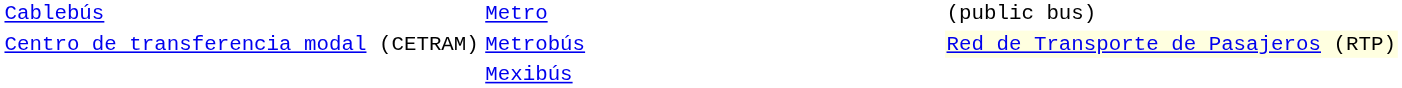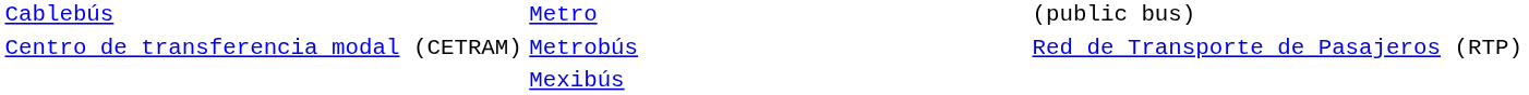 <table style="margin:auto">
 <tr>
 <td> <a href='#'>Cablebús</a></td>
 <td width=33%> <a href='#'>Metro</a></td>
 <td>  (public bus)</td>
 </tr>
 <tr>
 <td> <a href='#'>Centro de transferencia modal</a> (CETRAM)</td>
 <td> <a href='#'>Metrobús</a></td>
-<td style="background: lightyellow;"> <a href='#'>Red de Transporte de Pasajeros</a> (RTP)</td>
+<td> <a href='#'>Red de Transporte de Pasajeros</a> (RTP)</td>
 </tr>
 <tr>
 <td></td>
 <td> <a href='#'>Mexibús</a></td>
 <td></td>
 </tr>
 </table>
